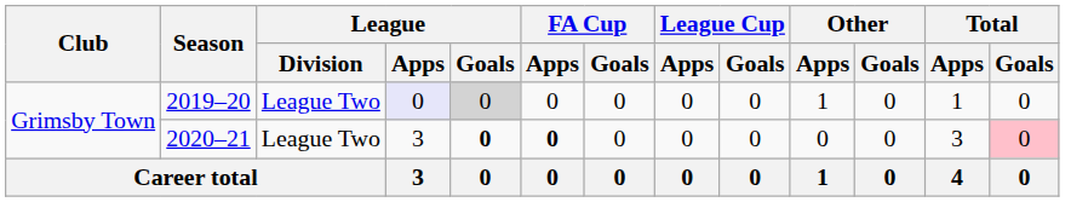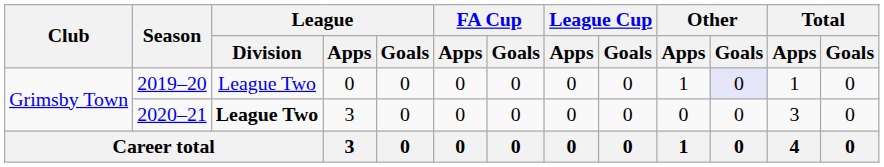 <table class="wikitable" style="text-align: center">
 <tr>
 <th rowspan="2">Club</th>
 <th rowspan="2">Season</th>
 <th colspan="3">League</th>
 <th colspan="2"><a href='#'>FA Cup</a></th>
 <th colspan="2"><a href='#'>League Cup</a></th>
 <th colspan="2">Other</th>
 <th colspan="2">Total</th>
 </tr>
 <tr>
 <th>Division</th>
 <th>Apps</th>
 <th>Goals</th>
 <th>Apps</th>
 <th>Goals</th>
 <th>Apps</th>
 <th>Goals</th>
 <th>Apps</th>
 <th>Goals</th>
 <th>Apps</th>
 <th>Goals</th>
 </tr>
 <tr>
 <td rowspan="2"><a href='#'>Grimsby Town</a></td>
 <td><a href='#'>2019–20</a></td>
 <td><a href='#'>League Two</a></td>
-<td style="background: lavender;">0</td>
-<td style="background: lightgrey;">0</td>
+<td>0</td>
+<td>0</td>
 <td>0</td>
 <td>0</td>
 <td>0</td>
 <td>0</td>
 <td>1</td>
-<td>0</td>
+<td style="background: lavender;">0</td>
 <td>1</td>
 <td>0</td>
 </tr>
 <tr>
 <td><a href='#'>2020–21</a></td>
-<td>League Two</td>
+<td><strong>League Two</strong></td>
 <td>3</td>
-<td><strong>0</strong></td>
-<td><strong>0</strong></td>
+<td>0</td>
+<td>0</td>
 <td>0</td>
 <td>0</td>
 <td>0</td>
 <td>0</td>
 <td>0</td>
 <td>3</td>
-<td style="background: pink;">0</td>
+<td>0</td>
 </tr>
 <tr>
 <th colspan="3">Career total</th>
 <th>3</th>
 <th>0</th>
 <th>0</th>
 <th>0</th>
 <th>0</th>
 <th>0</th>
 <th>1</th>
 <th>0</th>
 <th>4</th>
 <th>0</th>
 </tr>
 </table>
